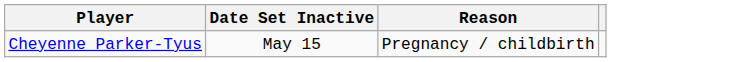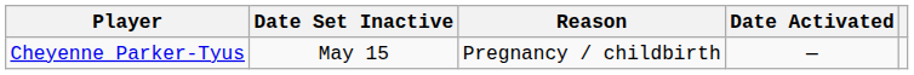 <table class="wikitable sortable sortable" style="text-align: center">
 <tr>
 <th>Player</th>
 <th>Date Set Inactive</th>
 <th>Reason</th>
+<th>Date Activated</th>
 <th></th>
 </tr>
 <tr>
 <td><a href='#'>Cheyenne Parker-Tyus</a></td>
 <td>May 15</td>
 <td>Pregnancy / childbirth</td>
+<td>—</td>
 <td></td>
 </tr>
 </table>
